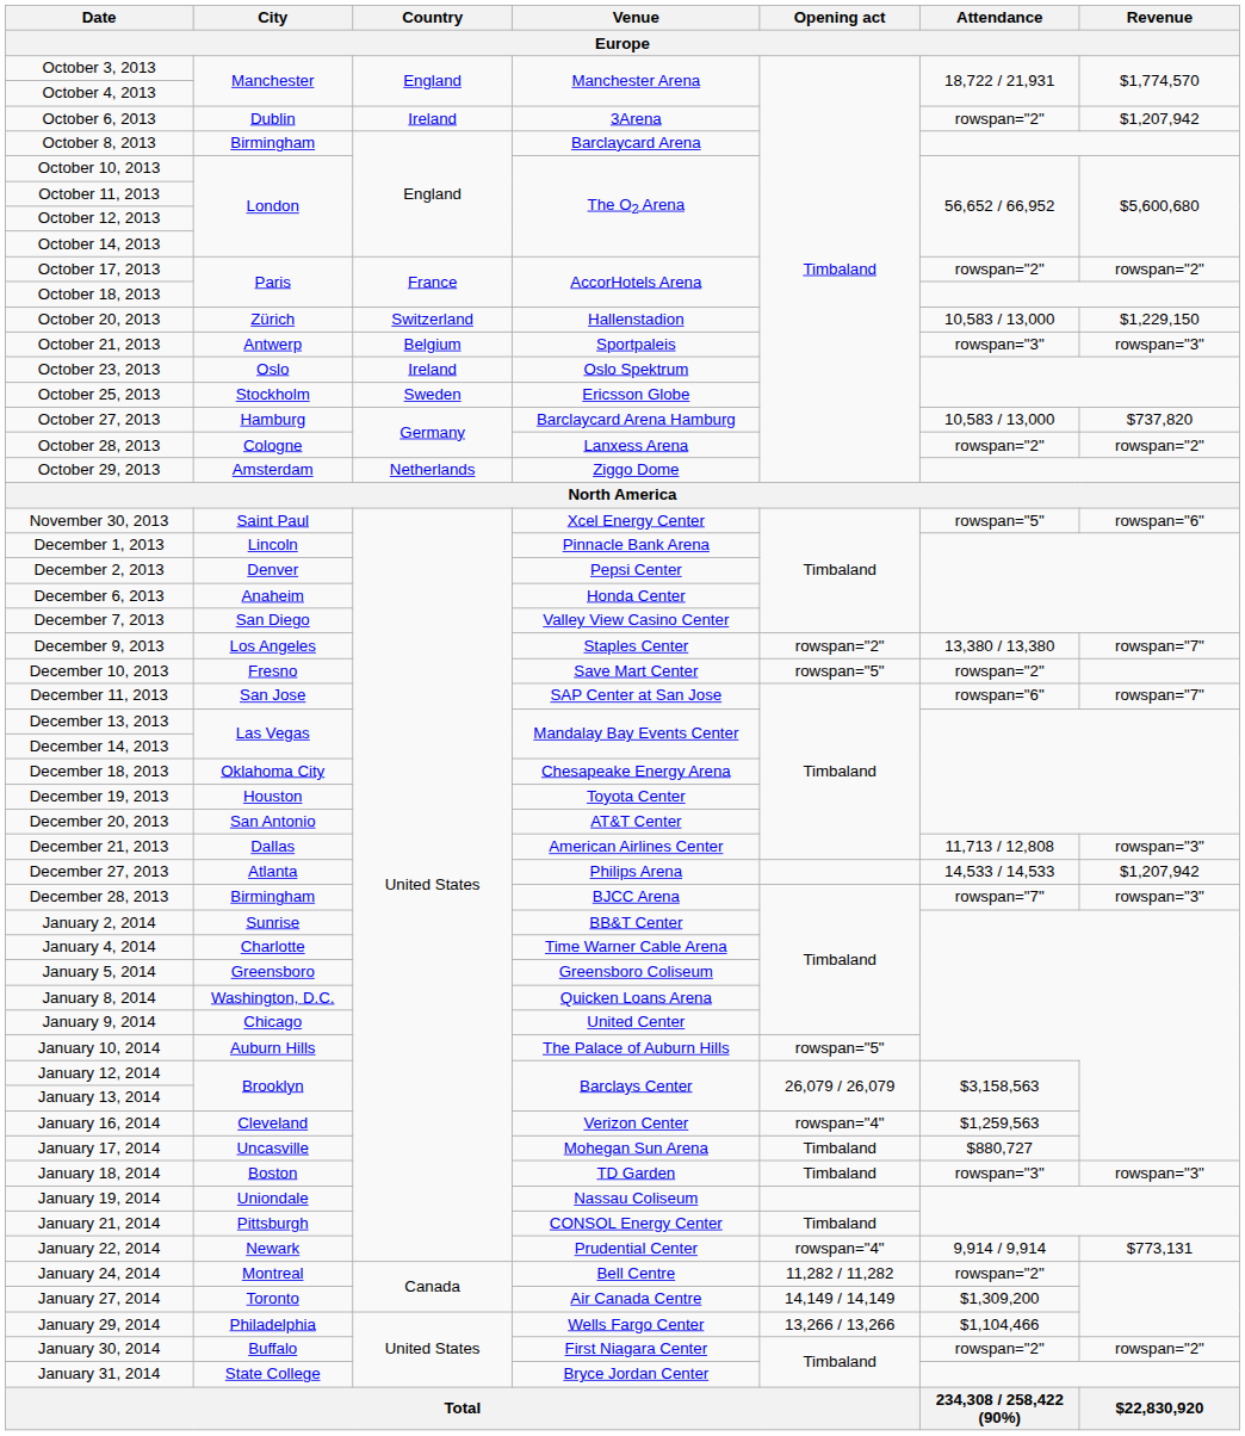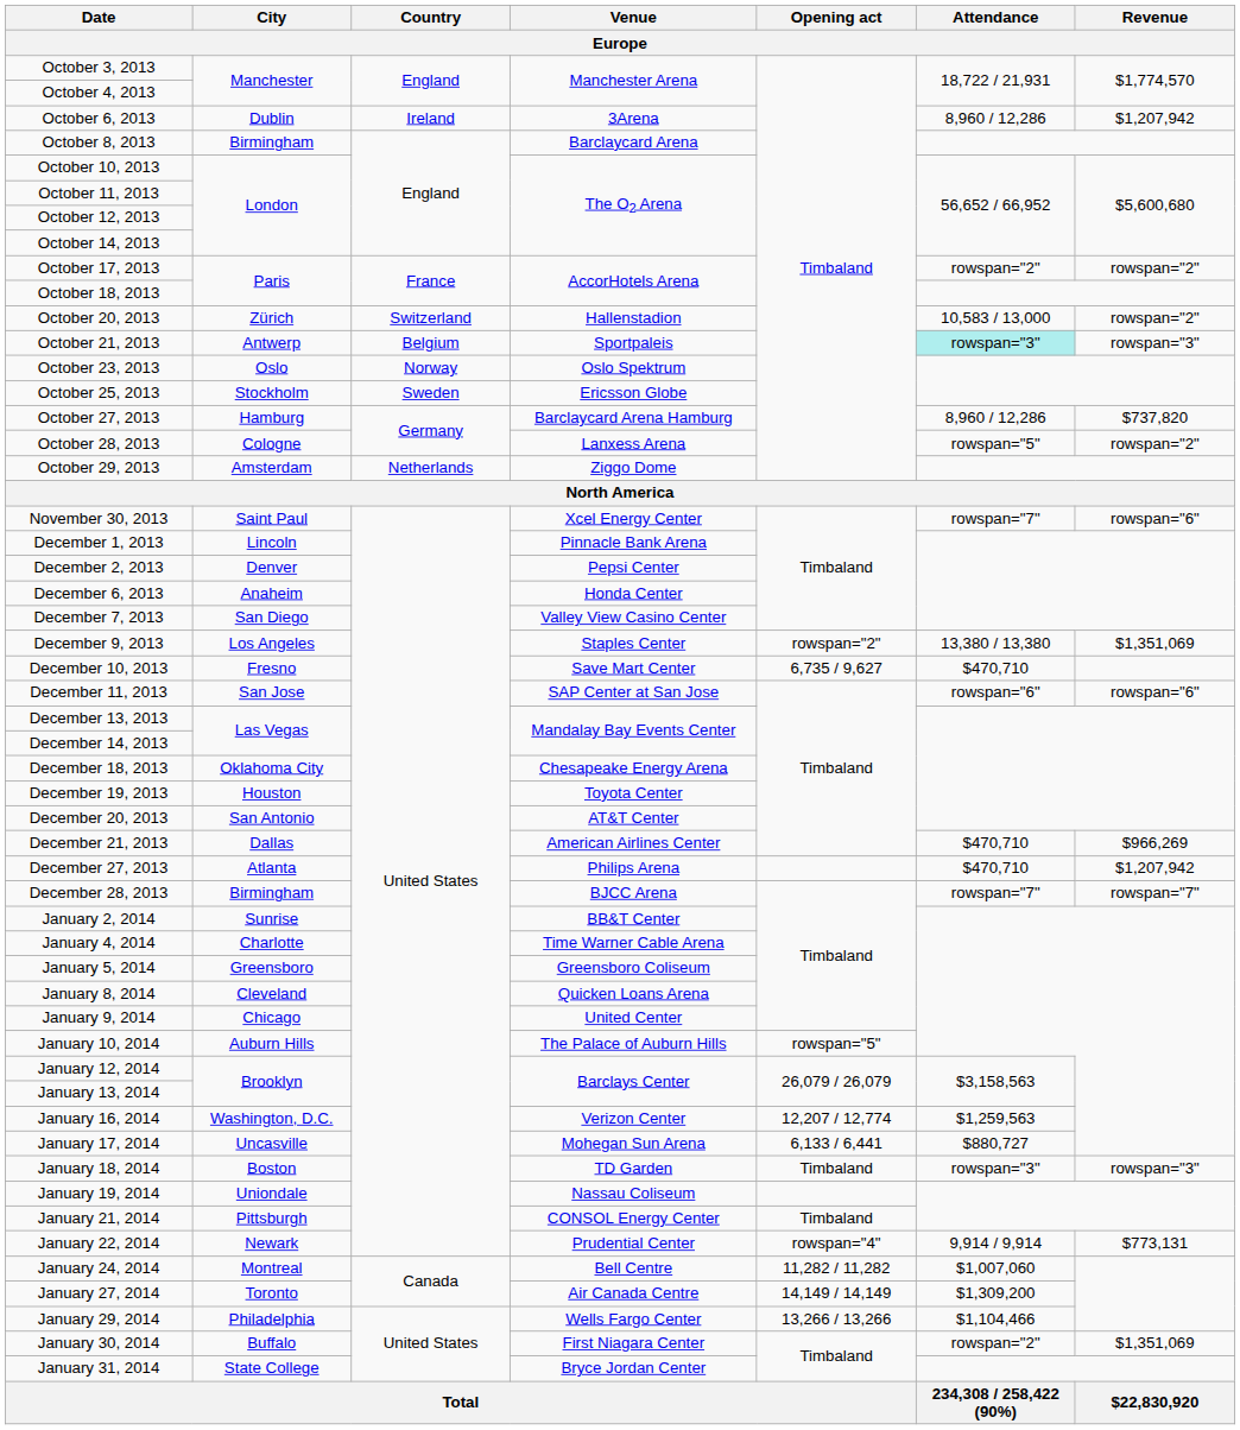 <table class="wikitable" style="text-align:center;">
 <tr>
 <th scope="col" style="width:12em;">Date</th>
 <th scope="col" style="width:10em;">City</th>
 <th scope="col" style="width:10em;">Country</th>
 <th scope="col" style="width:16em;">Venue</th>
 <th scope="col" style="width:10em;">Opening act</th>
 <th scope="col" style="width:10em;">Attendance</th>
 <th scope="col" style="width:10em;">Revenue</th>
 </tr>
 <tr>
 <th colspan="7">Europe</th>
 </tr>
 <tr>
 <td>October 3, 2013</td>
 <td rowspan="2"><a href='#'>Manchester</a></td>
 <td rowspan="2"><a href='#'>England</a></td>
 <td rowspan="2"><a href='#'>Manchester Arena</a></td>
 <td rowspan="17"><a href='#'>Timbaland</a></td>
 <td rowspan="2">18,722 / 21,931</td>
 <td rowspan="2">$1,774,570</td>
 </tr>
 <tr>
 <td>October 4, 2013</td>
 </tr>
 <tr>
 <td>October 6, 2013</td>
 <td><a href='#'>Dublin</a></td>
 <td><a href='#'>Ireland</a></td>
 <td><a href='#'>3Arena</a></td>
-<td>rowspan="2" </td>
+<td>8,960 / 12,286</td>
 <td>$1,207,942</td>
 </tr>
 <tr>
 <td>October 8, 2013</td>
 <td><a href='#'>Birmingham</a></td>
 <td rowspan="5">England</td>
 <td><a href='#'>Barclaycard Arena</a></td>
 </tr>
 <tr>
 <td>October 10, 2013</td>
 <td rowspan="4"><a href='#'>London</a></td>
 <td rowspan="4"><a href='#'>The O<sub>2</sub> Arena</a></td>
 <td rowspan="4">56,652 / 66,952</td>
 <td rowspan="4">$5,600,680</td>
 </tr>
 <tr>
 <td>October 11, 2013</td>
 </tr>
 <tr>
 <td>October 12, 2013</td>
 </tr>
 <tr>
 <td>October 14, 2013</td>
 </tr>
 <tr>
 <td>October 17, 2013</td>
 <td rowspan="2"><a href='#'>Paris</a></td>
 <td rowspan="2"><a href='#'>France</a></td>
 <td rowspan="2"><a href='#'>AccorHotels Arena</a></td>
 <td>rowspan="2" </td>
 <td>rowspan="2" </td>
 </tr>
 <tr>
 <td>October 18, 2013</td>
 </tr>
 <tr>
 <td>October 20, 2013</td>
 <td><a href='#'>Zürich</a></td>
 <td><a href='#'>Switzerland</a></td>
 <td><a href='#'>Hallenstadion</a></td>
 <td>10,583 / 13,000</td>
-<td>$1,229,150</td>
+<td>rowspan="2" </td>
 </tr>
 <tr>
 <td>October 21, 2013</td>
 <td><a href='#'>Antwerp</a></td>
 <td><a href='#'>Belgium</a></td>
 <td><a href='#'>Sportpaleis</a></td>
-<td>rowspan="3" </td>
+<td style="background: paleturquoise;">rowspan="3" </td>
 <td>rowspan="3" </td>
 </tr>
 <tr>
 <td>October 23, 2013</td>
 <td><a href='#'>Oslo</a></td>
-<td><a href='#'>Ireland</a></td>
+<td><a href='#'>Norway</a></td>
 <td><a href='#'>Oslo Spektrum</a></td>
 </tr>
 <tr>
 <td>October 25, 2013</td>
 <td><a href='#'>Stockholm</a></td>
 <td><a href='#'>Sweden</a></td>
 <td><a href='#'>Ericsson Globe</a></td>
 </tr>
 <tr>
 <td>October 27, 2013</td>
 <td><a href='#'>Hamburg</a></td>
 <td rowspan="2"><a href='#'>Germany</a></td>
 <td><a href='#'>Barclaycard Arena Hamburg</a></td>
-<td>10,583 / 13,000</td>
+<td>8,960 / 12,286</td>
 <td>$737,820</td>
 </tr>
 <tr>
 <td>October 28, 2013</td>
 <td><a href='#'>Cologne</a></td>
 <td><a href='#'>Lanxess Arena</a></td>
-<td>rowspan="2" </td>
+<td>rowspan="5" </td>
 <td>rowspan="2" </td>
 </tr>
 <tr>
 <td>October 29, 2013</td>
 <td><a href='#'>Amsterdam</a></td>
 <td><a href='#'>Netherlands</a></td>
 <td><a href='#'>Ziggo Dome</a></td>
 </tr>
 <tr>
 <th colspan="7">North America</th>
 </tr>
 <tr>
 <td>November 30, 2013</td>
 <td><a href='#'>Saint Paul</a></td>
 <td rowspan="30">United States</td>
 <td><a href='#'>Xcel Energy Center</a></td>
 <td rowspan="5">Timbaland</td>
-<td>rowspan="5" </td>
+<td>rowspan="7" </td>
 <td>rowspan="6" </td>
 </tr>
 <tr>
 <td>December 1, 2013</td>
 <td><a href='#'>Lincoln</a></td>
 <td><a href='#'>Pinnacle Bank Arena</a></td>
 </tr>
 <tr>
 <td>December 2, 2013</td>
 <td><a href='#'>Denver</a></td>
 <td><a href='#'>Pepsi Center</a></td>
 </tr>
 <tr>
 <td>December 6, 2013</td>
 <td><a href='#'>Anaheim</a></td>
 <td><a href='#'>Honda Center</a></td>
 </tr>
 <tr>
 <td>December 7, 2013</td>
 <td><a href='#'>San Diego</a></td>
 <td><a href='#'>Valley View Casino Center</a></td>
 </tr>
 <tr>
 <td>December 9, 2013</td>
 <td><a href='#'>Los Angeles</a></td>
 <td><a href='#'>Staples Center</a></td>
 <td>rowspan="2" </td>
 <td>13,380 / 13,380</td>
-<td>rowspan="7" </td>
+<td>$1,351,069</td>
 </tr>
 <tr>
 <td>December 10, 2013</td>
 <td><a href='#'>Fresno</a></td>
 <td><a href='#'>Save Mart Center</a></td>
-<td>rowspan="5" </td>
-<td>rowspan="2" </td>
+<td>6,735 / 9,627</td>
+<td>$470,710</td>
 </tr>
 <tr>
 <td>December 11, 2013</td>
 <td><a href='#'>San Jose</a></td>
 <td><a href='#'>SAP Center at San Jose</a></td>
 <td rowspan="7">Timbaland</td>
 <td>rowspan="6" </td>
-<td>rowspan="7" </td>
+<td>rowspan="6" </td>
 </tr>
 <tr>
 <td>December 13, 2013</td>
 <td rowspan="2"><a href='#'>Las Vegas</a></td>
 <td rowspan="2"><a href='#'>Mandalay Bay Events Center</a></td>
 </tr>
 <tr>
 <td>December 14, 2013</td>
 </tr>
 <tr>
 <td>December 18, 2013</td>
 <td><a href='#'>Oklahoma City</a></td>
 <td><a href='#'>Chesapeake Energy Arena</a></td>
 </tr>
 <tr>
 <td>December 19, 2013</td>
 <td><a href='#'>Houston</a></td>
 <td><a href='#'>Toyota Center</a></td>
 </tr>
 <tr>
 <td>December 20, 2013</td>
 <td><a href='#'>San Antonio</a></td>
 <td><a href='#'>AT&T Center</a></td>
 </tr>
 <tr>
 <td>December 21, 2013</td>
 <td><a href='#'>Dallas</a></td>
 <td><a href='#'>American Airlines Center</a></td>
-<td>11,713 / 12,808</td>
-<td>rowspan="3" </td>
+<td>$470,710</td>
+<td>$966,269</td>
 </tr>
 <tr>
 <td>December 27, 2013</td>
 <td><a href='#'>Atlanta</a></td>
 <td><a href='#'>Philips Arena</a></td>
 <td></td>
-<td>14,533 / 14,533</td>
+<td>$470,710</td>
 <td>$1,207,942</td>
 </tr>
 <tr>
 <td>December 28, 2013</td>
 <td><a href='#'>Birmingham</a></td>
 <td><a href='#'>BJCC Arena</a></td>
 <td rowspan="6">Timbaland</td>
 <td>rowspan="7" </td>
-<td>rowspan="3" </td>
+<td>rowspan="7" </td>
 </tr>
 <tr>
 <td>January 2, 2014</td>
 <td><a href='#'>Sunrise</a></td>
 <td><a href='#'>BB&T Center</a></td>
 </tr>
 <tr>
 <td>January 4, 2014</td>
 <td><a href='#'>Charlotte</a></td>
 <td><a href='#'>Time Warner Cable Arena</a></td>
 </tr>
 <tr>
 <td>January 5, 2014</td>
 <td><a href='#'>Greensboro</a></td>
 <td><a href='#'>Greensboro Coliseum</a></td>
 </tr>
 <tr>
 <td>January 8, 2014</td>
-<td><a href='#'>Washington, D.C.</a></td>
+<td><a href='#'>Cleveland</a></td>
 <td><a href='#'>Quicken Loans Arena</a></td>
 </tr>
 <tr>
 <td>January 9, 2014</td>
 <td><a href='#'>Chicago</a></td>
 <td><a href='#'>United Center</a></td>
 </tr>
 <tr>
 <td>January 10, 2014</td>
 <td><a href='#'>Auburn Hills</a></td>
 <td><a href='#'>The Palace of Auburn Hills</a></td>
 <td>rowspan="5" </td>
 </tr>
 <tr>
 <td>January 12, 2014</td>
 <td rowspan="2"><a href='#'>Brooklyn</a></td>
 <td rowspan="2"><a href='#'>Barclays Center</a></td>
 <td rowspan="2">26,079 / 26,079</td>
 <td rowspan="2">$3,158,563</td>
 </tr>
 <tr>
 <td>January 13, 2014</td>
 </tr>
 <tr>
 <td>January 16, 2014</td>
-<td><a href='#'>Cleveland</a></td>
+<td><a href='#'>Washington, D.C.</a></td>
 <td><a href='#'>Verizon Center</a></td>
-<td>rowspan="4" </td>
+<td>12,207 / 12,774</td>
 <td>$1,259,563</td>
 </tr>
 <tr>
 <td>January 17, 2014</td>
 <td><a href='#'>Uncasville</a></td>
 <td><a href='#'>Mohegan Sun Arena</a></td>
-<td>Timbaland</td>
+<td>6,133 / 6,441</td>
 <td>$880,727</td>
 </tr>
 <tr>
 <td>January 18, 2014</td>
 <td><a href='#'>Boston</a></td>
 <td><a href='#'>TD Garden</a></td>
 <td>Timbaland</td>
 <td>rowspan="3" </td>
 <td>rowspan="3" </td>
 </tr>
 <tr>
 <td>January 19, 2014</td>
 <td><a href='#'>Uniondale</a></td>
 <td><a href='#'>Nassau Coliseum</a></td>
 <td></td>
 </tr>
 <tr>
 <td>January 21, 2014</td>
 <td><a href='#'>Pittsburgh</a></td>
 <td><a href='#'>CONSOL Energy Center</a></td>
 <td>Timbaland</td>
 </tr>
 <tr>
 <td>January 22, 2014</td>
 <td><a href='#'>Newark</a></td>
 <td><a href='#'>Prudential Center</a></td>
 <td>rowspan="4" </td>
 <td>9,914 / 9,914</td>
 <td>$773,131</td>
 </tr>
 <tr>
 <td>January 24, 2014</td>
 <td><a href='#'>Montreal</a></td>
 <td rowspan="2">Canada</td>
 <td><a href='#'>Bell Centre</a></td>
 <td>11,282 / 11,282</td>
-<td>rowspan="2" </td>
+<td>$1,007,060</td>
 </tr>
 <tr>
 <td>January 27, 2014</td>
 <td><a href='#'>Toronto</a></td>
 <td><a href='#'>Air Canada Centre</a></td>
 <td>14,149 / 14,149</td>
 <td>$1,309,200</td>
 </tr>
 <tr>
 <td>January 29, 2014</td>
 <td><a href='#'>Philadelphia</a></td>
 <td rowspan="3">United States</td>
 <td><a href='#'>Wells Fargo Center</a></td>
 <td>13,266 / 13,266</td>
 <td>$1,104,466</td>
 </tr>
 <tr>
 <td>January 30, 2014</td>
 <td><a href='#'>Buffalo</a></td>
 <td><a href='#'>First Niagara Center</a></td>
 <td rowspan="2">Timbaland</td>
 <td>rowspan="2" </td>
-<td>rowspan="2" </td>
+<td>$1,351,069</td>
 </tr>
 <tr>
 <td>January 31, 2014</td>
 <td><a href='#'>State College</a></td>
 <td><a href='#'>Bryce Jordan Center</a></td>
 </tr>
 <tr>
 <th colspan="5">Total</th>
 <th>234,308 / 258,422 (90%)</th>
 <th>$22,830,920</th>
 </tr>
 </table>
